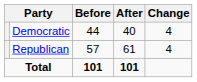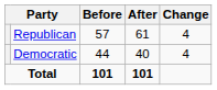 <table class="wikitable" style="text-align:center;">
 <tr>
 <th colspan="2">Party</th>
 <th>Before</th>
 <th>After</th>
 <th>Change</th>
 </tr>
 <tr>
 <th style="background-color:"></th>
-<td style="text-align:left;"><a href='#'>Democratic</a></td>
-<td>44</td>
-<td>40</td>
+<td style="text-align:left;"><a href='#'>Republican</a></td>
+<td>57</td>
+<td>61</td>
 <td> 4</td>
 </tr>
 <tr>
 <th style="background-color:"></th>
-<td style="text-align:left;"><a href='#'>Republican</a></td>
-<td>57</td>
-<td>61</td>
+<td style="text-align:left;"><a href='#'>Democratic</a></td>
+<td>44</td>
+<td>40</td>
 <td> 4</td>
 </tr>
 <tr>
 <td colspan="2"><strong>Total</strong></td>
 <td><strong>101</strong></td>
 <td><strong>101</strong></td>
 <td></td>
 </tr>
 </table>
